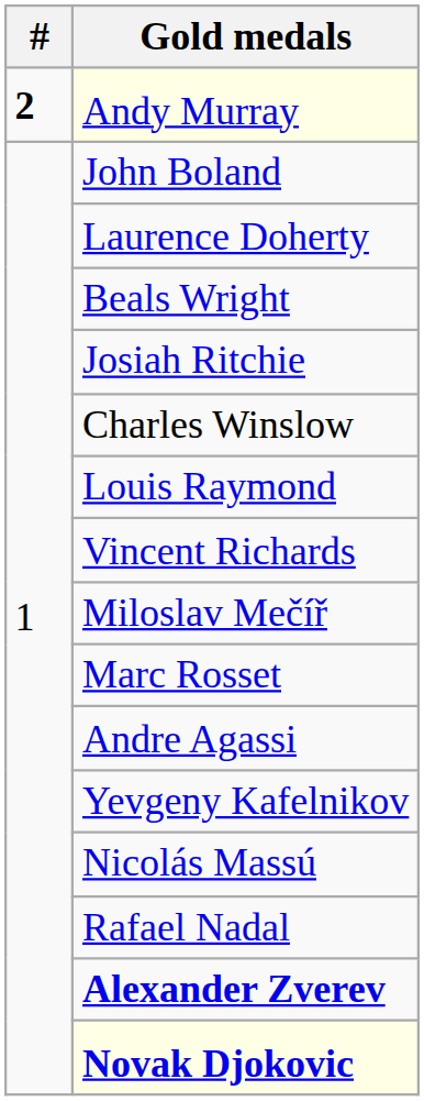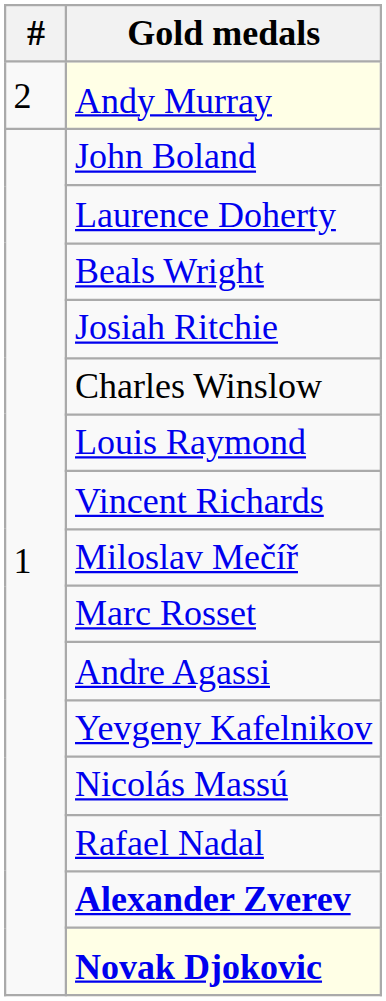 <table class="wikitable" style=display:inline-table>
 <tr>
 <th width=20>#</th>
 <th>Gold medals</th>
 </tr>
 <tr>
-<td><strong>2</strong></td>
+<td>2</td>
 <td style="background: #ffffe6;"> <a href='#'>Andy Murray</a><sup></sup></td>
 </tr>
 <tr>
 <td rowspan="15">1</td>
 <td> <a href='#'>John Boland</a></td>
 </tr>
 <tr>
 <td> <a href='#'>Laurence Doherty</a></td>
 </tr>
 <tr>
 <td> <a href='#'>Beals Wright</a></td>
 </tr>
 <tr>
 <td> <a href='#'>Josiah Ritchie</a></td>
 </tr>
 <tr>
 <td> Charles Winslow</td>
 </tr>
 <tr>
 <td> <a href='#'>Louis Raymond</a></td>
 </tr>
 <tr>
 <td> <a href='#'>Vincent Richards</a></td>
 </tr>
 <tr>
 <td> <a href='#'>Miloslav Mečíř</a></td>
 </tr>
 <tr>
 <td> <a href='#'>Marc Rosset</a></td>
 </tr>
 <tr>
 <td> <a href='#'>Andre Agassi</a></td>
 </tr>
 <tr>
 <td> <a href='#'>Yevgeny Kafelnikov</a></td>
 </tr>
 <tr>
 <td> <a href='#'>Nicolás Massú</a></td>
 </tr>
 <tr>
 <td> <a href='#'>Rafael Nadal</a></td>
 </tr>
 <tr>
 <td> <strong><a href='#'>Alexander Zverev</a></strong></td>
 </tr>
 <tr>
 <td style="background: #ffffe6;"><strong> <a href='#'>Novak Djokovic</a></strong><sup></sup></td>
 </tr>
 </table>
